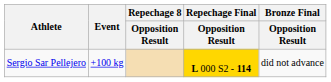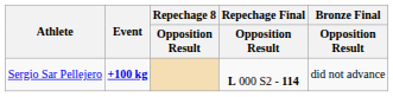 <table class="wikitable" style="font-size:90%">
 <tr>
 <th rowspan="2">Athlete</th>
 <th rowspan="2">Event</th>
 <th>Repechage 8</th>
 <th>Repechage Final</th>
 <th>Bronze Final</th>
 </tr>
 <tr>
 <th>Opposition<br>Result</th>
 <th>Opposition<br>Result</th>
 <th>Opposition<br>Result</th>
 </tr>
 <tr>
 <td><a href='#'>Sergio Sar Pellejero</a></td>
-<td><a href='#'>+100 kg</a></td>
+<td><strong><a href='#'>+100 kg</a></strong></td>
 <td align="center" bgcolor=wheat></td>
-<td align=center style="background: gold;"><br><strong>L</strong> 000 S2 - <strong>114</strong></td>
+<td align=center><br><strong>L</strong> 000 S2 - <strong>114</strong></td>
 <td align=center colspan="5">did not advance</td>
 </tr>
 </table>
